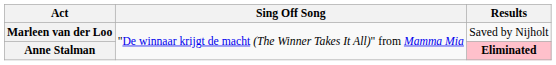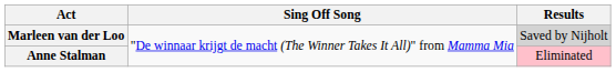 <table class="wikitable plainrowheaders" style="text-align:center;">
 <tr>
 <th scope="col">Act</th>
 <th scope="col">Sing Off Song</th>
 <th scope="col">Results</th>
 </tr>
 <tr>
 <th scope="row">Marleen van der Loo</th>
 <td rowspan="2">"<a href='#'>De winnaar krijgt de macht</a> <em>(The Winner Takes It All)</em>" from <em><a href='#'>Mamma Mia</a></em></td>
-<td>Saved by Nijholt</td>
+<td style="background: lightgrey;">Saved by Nijholt</td>
 </tr>
 <tr>
 <th scope="row">Anne Stalman</th>
-<td style="background:pink;"><strong>Eliminated</strong></td>
+<td style="background:pink;">Eliminated</td>
 </tr>
 </table>
